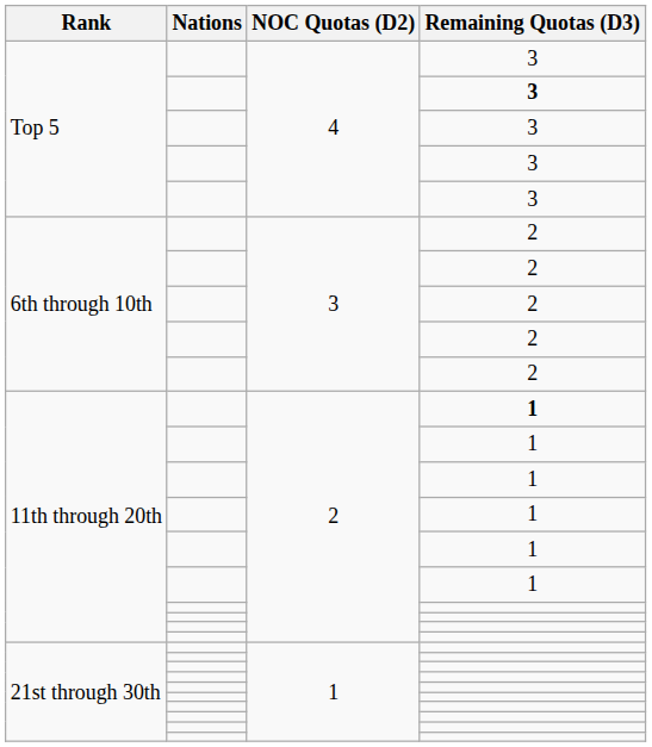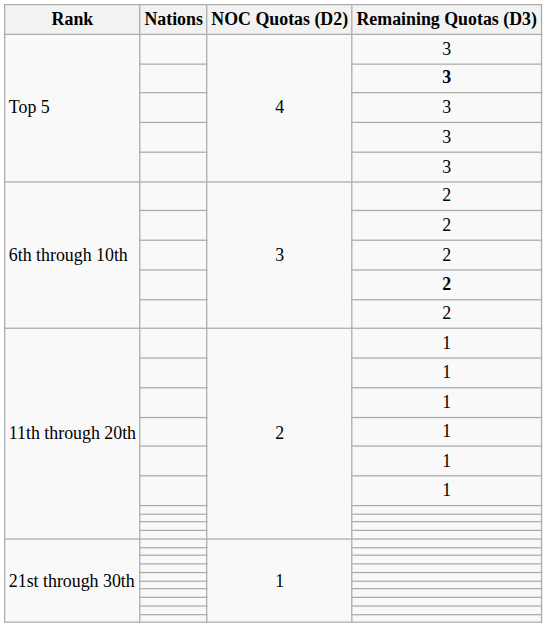 <table class="wikitable sortable" style="font-size:90%;">
 <tr>
 <th>Rank</th>
 <th>Nations</th>
 <th>NOC Quotas (D2)</th>
 <th>Remaining Quotas (D3)</th>
 </tr>
 <tr>
 <td rowspan=5>Top 5</td>
 <td></td>
 <td rowspan=5 style="text-align:center">4</td>
 <td style="text-align:center">3</td>
 </tr>
 <tr>
 <td></td>
 <td style="text-align:center"><strong>3</strong></td>
 </tr>
 <tr>
 <td></td>
 <td style="text-align:center">3</td>
 </tr>
 <tr>
 <td></td>
 <td style="text-align:center">3</td>
 </tr>
 <tr>
 <td></td>
 <td style="text-align:center">3</td>
 </tr>
 <tr>
 <td rowspan=5>6th through 10th</td>
 <td></td>
 <td rowspan=5 style="text-align:center">3</td>
 <td style="text-align:center">2</td>
 </tr>
 <tr>
 <td></td>
 <td style="text-align:center">2</td>
 </tr>
 <tr>
 <td></td>
 <td style="text-align:center">2</td>
 </tr>
 <tr>
 <td></td>
-<td style="text-align:center">2</td>
+<td style="text-align:center"><strong>2</strong></td>
 </tr>
 <tr>
 <td></td>
 <td style="text-align:center">2</td>
 </tr>
 <tr>
 <td rowspan=10>11th through 20th</td>
 <td></td>
 <td rowspan=10 style="text-align:center">2</td>
-<td style="text-align:center"><strong>1</strong></td>
+<td style="text-align:center">1</td>
 </tr>
 <tr>
 <td></td>
 <td style="text-align:center">1</td>
 </tr>
 <tr>
 <td></td>
 <td style="text-align:center">1</td>
 </tr>
 <tr>
 <td></td>
 <td style="text-align:center">1</td>
 </tr>
 <tr>
 <td></td>
 <td style="text-align:center">1</td>
 </tr>
 <tr>
 <td></td>
 <td style="text-align:center">1</td>
 </tr>
 <tr>
 <td></td>
 <td></td>
 </tr>
 <tr>
 <td></td>
 <td></td>
 </tr>
 <tr>
 <td></td>
 <td></td>
 </tr>
 <tr>
 <td></td>
 <td></td>
 </tr>
 <tr>
 <td rowspan=10>21st through 30th</td>
 <td></td>
 <td rowspan=10 style="text-align:center">1</td>
 <td></td>
 </tr>
 <tr>
 <td></td>
 <td></td>
 </tr>
 <tr>
 <td></td>
 <td></td>
 </tr>
 <tr>
 <td></td>
 <td></td>
 </tr>
 <tr>
 <td></td>
 <td></td>
 </tr>
 <tr>
 <td></td>
 <td></td>
 </tr>
 <tr>
 <td></td>
 <td></td>
 </tr>
 <tr>
 <td></td>
 <td></td>
 </tr>
 <tr>
 <td></td>
 <td></td>
 </tr>
 <tr>
 <td></td>
 <td></td>
 </tr>
 </table>
